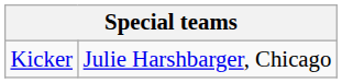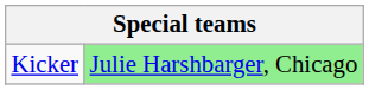 <table class="wikitable">
 <tr>
 <th colspan="6">Special teams</th>
 </tr>
 <tr>
 <td><a href='#'>Kicker</a></td>
-<td><a href='#'>Julie Harshbarger</a>, Chicago</td>
+<td style="background: lightgreen;"><a href='#'>Julie Harshbarger</a>, Chicago</td>
 </tr>
 </table>
